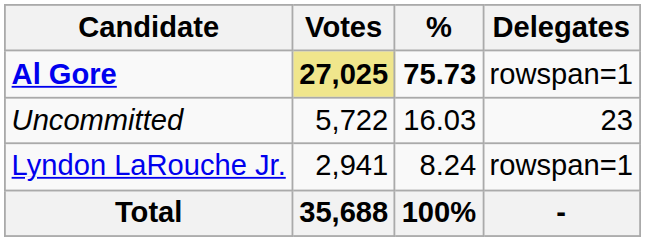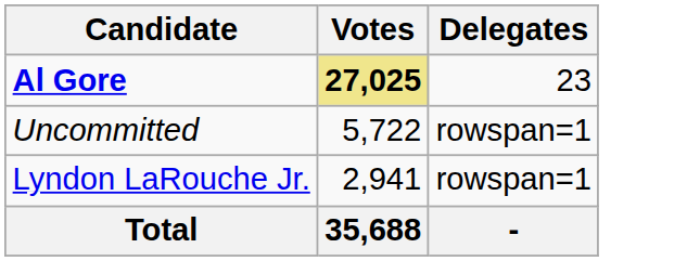 <table class="wikitable sortable" style="text-align:right;">
 <tr>
 <th>Candidate</th>
 <th>Votes</th>
-<th>%</th>
 <th>Delegates</th>
 </tr>
 <tr>
 <td style="text-align:left;" data-sort-value="Gore, Al"><strong><a href='#'>Al Gore</a></strong></td>
 <td style="background: khaki;"><strong>27,025</strong></td>
-<td><strong>75.73</strong></td>
-<td>rowspan=1 </td>
+<td>23</td>
 </tr>
 <tr>
 <td style="text-align:left;" data-sort-value="ZZZ"><em>Uncommitted</em></td>
 <td>5,722</td>
-<td>16.03</td>
-<td>23</td>
+<td>rowspan=1 </td>
 </tr>
 <tr>
 <td style="text-align:left;" data-sort-value="LaRouche Jr., Lyndon"><a href='#'>Lyndon LaRouche Jr.</a></td>
 <td>2,941</td>
-<td>8.24</td>
 <td>rowspan=1 </td>
 </tr>
 <tr>
 <th>Total</th>
 <th>35,688</th>
-<th>100%</th>
 <th>-</th>
 </tr>
 </table>
